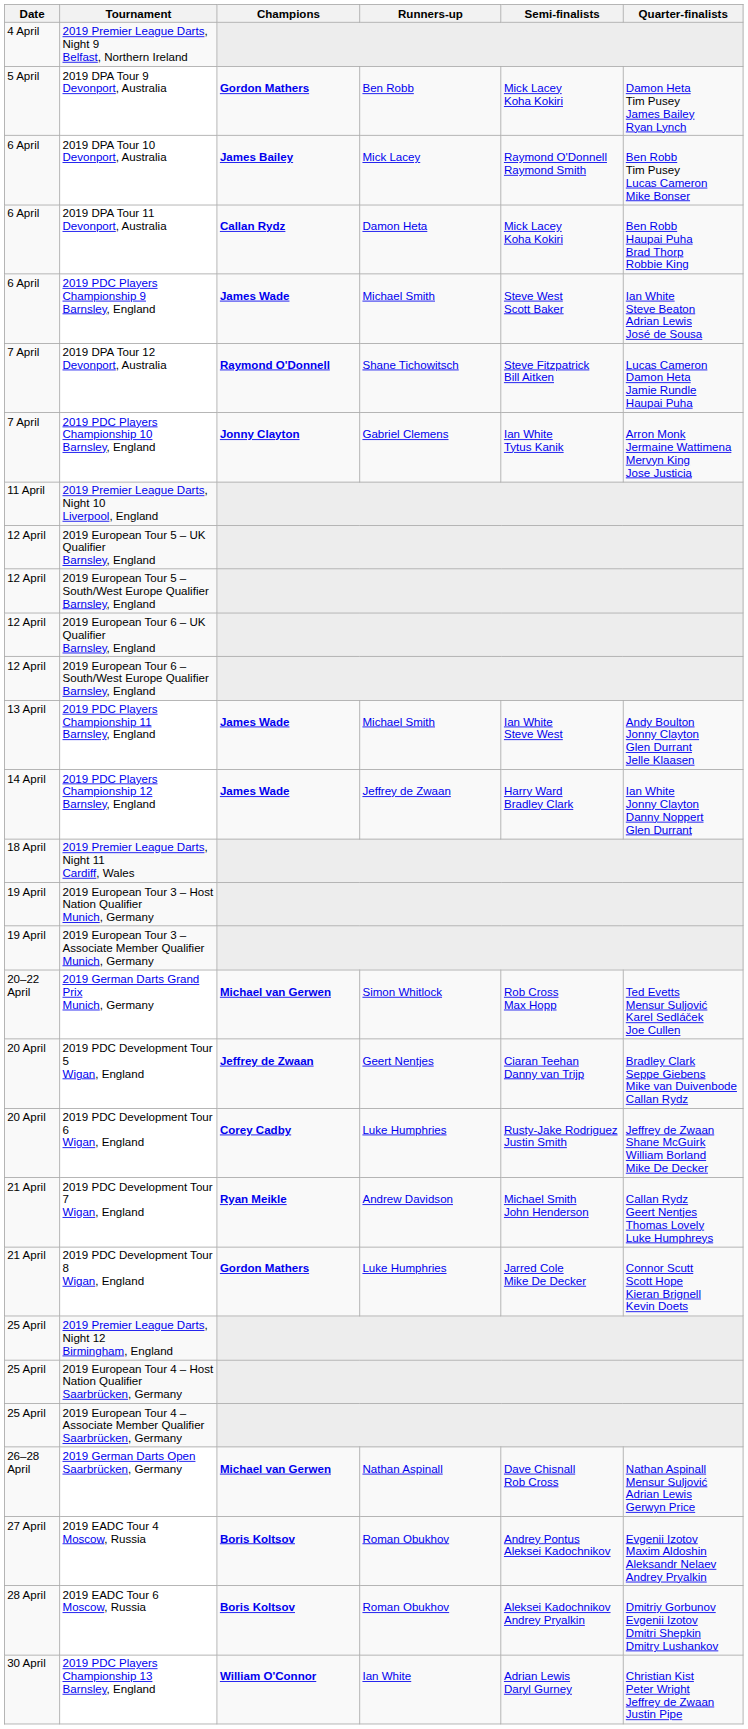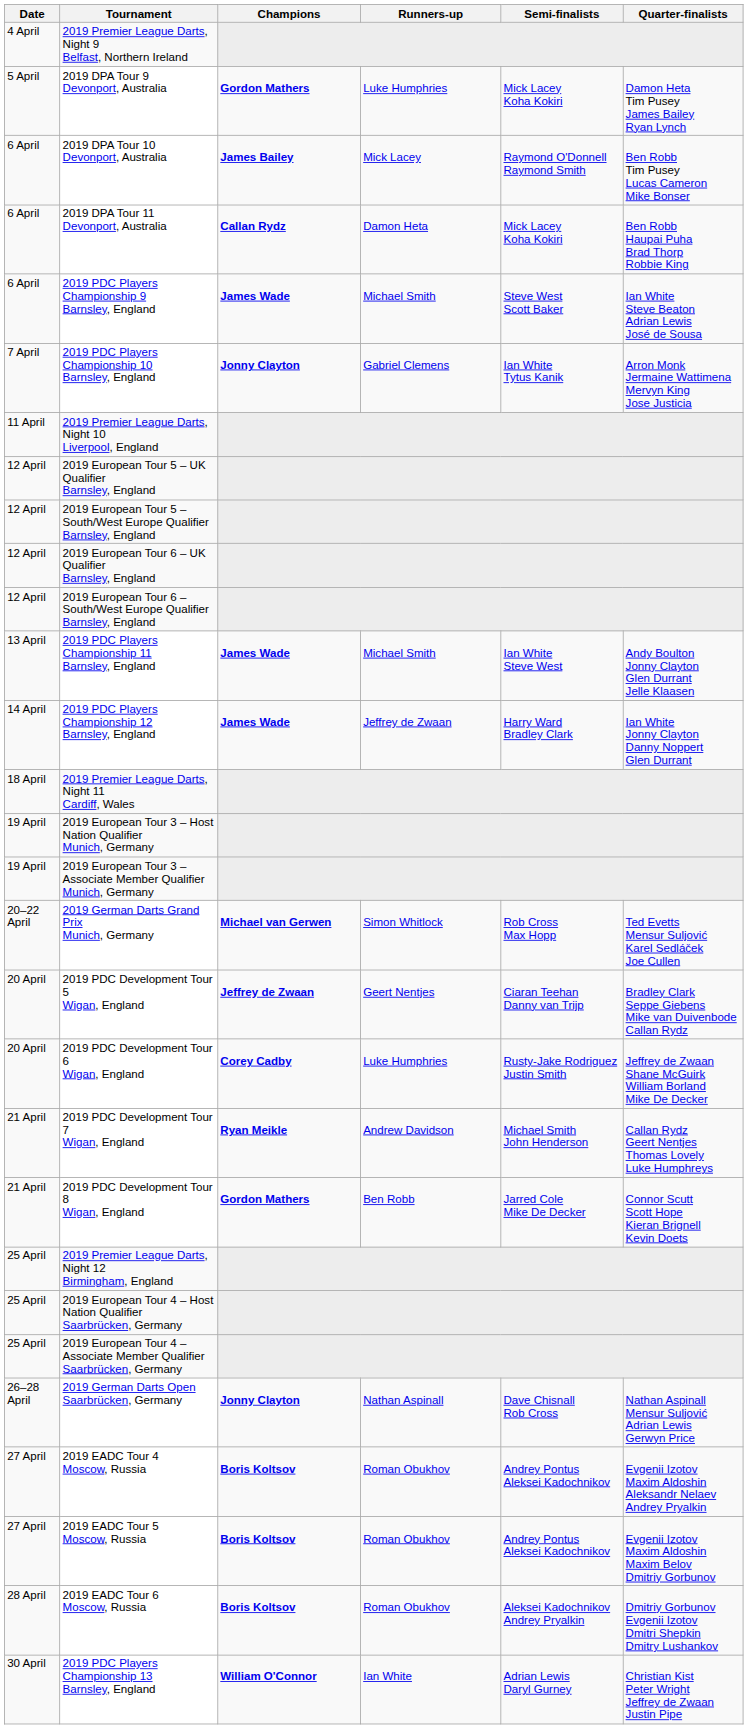 <table class=wikitable style=font-size:85%>
 <tr>
 <th width=75>Date</th>
 <th width=230>Tournament</th>
 <th width=210>Champions</th>
 <th width=210>Runners-up</th>
 <th width=170>Semi-finalists</th>
 <th width=170>Quarter-finalists</th>
 </tr>
 <tr valign="top">
 <td rowspan=1>4 April</td>
 <td><a href='#'>2019 Premier League Darts</a>, Night 9 <br><a href='#'>Belfast</a>, Northern Ireland</td>
 <td colspan=4 bgcolor="#ededed"></td>
 </tr>
 <tr valign="top">
 <td>5 April</td>
 <td bgcolor="#ffffff">2019 DPA Tour 9<br><a href='#'>Devonport</a>, Australia</td>
 <td><br> <strong><a href='#'>Gordon Mathers</a></strong></td>
-<td><br> <a href='#'>Ben Robb</a></td>
+<td><br> <a href='#'>Luke Humphries</a></td>
 <td><br> <a href='#'>Mick Lacey</a> <br>  <a href='#'>Koha Kokiri</a></td>
 <td><br> <a href='#'>Damon Heta</a> <br>  Tim Pusey <br>  <a href='#'>James Bailey</a> <br>  <a href='#'>Ryan Lynch</a></td>
 </tr>
 <tr valign="top">
 <td>6 April</td>
 <td bgcolor="#ffffff">2019 DPA Tour 10<br><a href='#'>Devonport</a>, Australia</td>
 <td><br> <strong><a href='#'>James Bailey</a></strong></td>
 <td><br> <a href='#'>Mick Lacey</a></td>
 <td><br> <a href='#'>Raymond O'Donnell</a> <br>  <a href='#'>Raymond Smith</a></td>
 <td><br> <a href='#'>Ben Robb</a> <br>  Tim Pusey <br>  <a href='#'>Lucas Cameron</a> <br>  <a href='#'>Mike Bonser</a></td>
 </tr>
 <tr valign="top">
 <td>6 April</td>
 <td bgcolor="#ffffff">2019 DPA Tour 11<br><a href='#'>Devonport</a>, Australia</td>
 <td><br> <strong><a href='#'>Callan Rydz</a></strong></td>
 <td><br> <a href='#'>Damon Heta</a></td>
 <td><br> <a href='#'>Mick Lacey</a> <br>  <a href='#'>Koha Kokiri</a></td>
 <td><br> <a href='#'>Ben Robb</a> <br>  <a href='#'>Haupai Puha</a> <br>  <a href='#'>Brad Thorp</a> <br>  <a href='#'>Robbie King</a></td>
 </tr>
 <tr valign="top">
 <td>6 April</td>
 <td bgcolor="#ffffff"><a href='#'>2019 PDC Players Championship 9</a><br><a href='#'>Barnsley</a>, England</td>
 <td><br> <strong><a href='#'>James Wade</a></strong></td>
 <td><br> <a href='#'>Michael Smith</a></td>
 <td><br> <a href='#'>Steve West</a> <br>  <a href='#'>Scott Baker</a></td>
 <td><br> <a href='#'>Ian White</a> <br>  <a href='#'>Steve Beaton</a> <br>  <a href='#'>Adrian Lewis</a> <br>  <a href='#'>José de Sousa</a></td>
-</tr>
-<tr valign="top">
-<td>7 April</td>
-<td bgcolor="#ffffff">2019 DPA Tour 12<br><a href='#'>Devonport</a>, Australia</td>
-<td><br> <strong><a href='#'>Raymond O'Donnell</a></strong></td>
-<td><br> <a href='#'>Shane Tichowitsch</a></td>
-<td><br> <a href='#'>Steve Fitzpatrick</a> <br>  <a href='#'>Bill Aitken</a></td>
-<td><br> <a href='#'>Lucas Cameron</a> <br>  <a href='#'>Damon Heta</a> <br>  <a href='#'>Jamie Rundle</a> <br>  <a href='#'>Haupai Puha</a></td>
 </tr>
 <tr valign="top">
 <td>7 April</td>
 <td bgcolor="#ffffff"><a href='#'>2019 PDC Players Championship 10</a><br><a href='#'>Barnsley</a>, England</td>
 <td><br> <strong><a href='#'>Jonny Clayton</a></strong></td>
 <td><br> <a href='#'>Gabriel Clemens</a></td>
 <td><br> <a href='#'>Ian White</a> <br>  <a href='#'>Tytus Kanik</a></td>
 <td><br> <a href='#'>Arron Monk</a> <br>  <a href='#'>Jermaine Wattimena</a> <br>  <a href='#'>Mervyn King</a> <br>  <a href='#'>Jose Justicia</a></td>
 </tr>
 <tr valign="top">
 <td rowspan=1>11 April</td>
 <td><a href='#'>2019 Premier League Darts</a>, Night 10 <br><a href='#'>Liverpool</a>, England</td>
 <td colspan=4 bgcolor="#ededed"></td>
 </tr>
 <tr valign="top">
 <td rowspan=1>12 April</td>
 <td>2019 European Tour 5 – UK Qualifier <br><a href='#'>Barnsley</a>, England</td>
 <td colspan=4 bgcolor="#ededed"></td>
 </tr>
 <tr valign="top">
 <td rowspan=1>12 April</td>
 <td>2019 European Tour 5 – South/West Europe Qualifier <br><a href='#'>Barnsley</a>, England</td>
 <td colspan=4 bgcolor="#ededed"></td>
 </tr>
 <tr valign="top">
 <td rowspan=1>12 April</td>
 <td>2019 European Tour 6 – UK Qualifier <br><a href='#'>Barnsley</a>, England</td>
 <td colspan=4 bgcolor="#ededed"></td>
 </tr>
 <tr valign="top">
 <td rowspan=1>12 April</td>
 <td>2019 European Tour 6 – South/West Europe Qualifier <br><a href='#'>Barnsley</a>, England</td>
 <td colspan=4 bgcolor="#ededed"></td>
 </tr>
 <tr valign="top">
 <td>13 April</td>
 <td bgcolor="#ffffff"><a href='#'>2019 PDC Players Championship 11</a><br><a href='#'>Barnsley</a>, England</td>
 <td><br> <strong><a href='#'>James Wade</a></strong></td>
 <td><br> <a href='#'>Michael Smith</a></td>
 <td><br> <a href='#'>Ian White</a> <br>  <a href='#'>Steve West</a></td>
 <td><br> <a href='#'>Andy Boulton</a> <br>  <a href='#'>Jonny Clayton</a> <br>  <a href='#'>Glen Durrant</a> <br>  <a href='#'>Jelle Klaasen</a></td>
 </tr>
 <tr valign="top">
 <td>14 April</td>
 <td bgcolor="#ffffff"><a href='#'>2019 PDC Players Championship 12</a><br><a href='#'>Barnsley</a>, England</td>
 <td><br> <strong><a href='#'>James Wade</a></strong></td>
 <td><br> <a href='#'>Jeffrey de Zwaan</a></td>
 <td><br> <a href='#'>Harry Ward</a> <br>  <a href='#'>Bradley Clark</a></td>
 <td><br> <a href='#'>Ian White</a> <br>  <a href='#'>Jonny Clayton</a> <br>  <a href='#'>Danny Noppert</a> <br>  <a href='#'>Glen Durrant</a></td>
 </tr>
 <tr valign="top">
 <td rowspan=1>18 April</td>
 <td><a href='#'>2019 Premier League Darts</a>, Night 11 <br><a href='#'>Cardiff</a>, Wales</td>
 <td colspan=4 bgcolor="#ededed"></td>
 </tr>
 <tr valign="top">
 <td rowspan=1>19 April</td>
 <td>2019 European Tour 3 – Host Nation Qualifier <br><a href='#'>Munich</a>, Germany</td>
 <td colspan=4 bgcolor="#ededed"></td>
 </tr>
 <tr valign="top">
 <td rowspan=1>19 April</td>
 <td>2019 European Tour 3 – Associate Member Qualifier <br><a href='#'>Munich</a>, Germany</td>
 <td colspan=4 bgcolor="#ededed"></td>
 </tr>
 <tr valign="top">
 <td>20–22 April</td>
 <td bgcolor="#ffffff"><a href='#'>2019 German Darts Grand Prix</a><br><a href='#'>Munich</a>, Germany</td>
 <td><br> <strong><a href='#'>Michael van Gerwen</a></strong></td>
 <td><br> <a href='#'>Simon Whitlock</a></td>
 <td><br> <a href='#'>Rob Cross</a> <br>  <a href='#'>Max Hopp</a></td>
 <td><br> <a href='#'>Ted Evetts</a> <br>  <a href='#'>Mensur Suljović</a> <br>  <a href='#'>Karel Sedláček</a> <br>  <a href='#'>Joe Cullen</a></td>
 </tr>
 <tr valign="top">
 <td>20 April</td>
 <td bgcolor="#ffffff">2019 PDC Development Tour 5<br><a href='#'>Wigan</a>, England</td>
 <td><br> <strong><a href='#'>Jeffrey de Zwaan</a></strong></td>
 <td><br> <a href='#'>Geert Nentjes</a></td>
 <td><br> <a href='#'>Ciaran Teehan</a> <br>  <a href='#'>Danny van Trijp</a></td>
 <td><br> <a href='#'>Bradley Clark</a> <br>  <a href='#'>Seppe Giebens</a> <br>  <a href='#'>Mike van Duivenbode</a> <br>  <a href='#'>Callan Rydz</a></td>
 </tr>
 <tr valign="top">
 <td>20 April</td>
 <td bgcolor="#ffffff">2019 PDC Development Tour 6<br><a href='#'>Wigan</a>, England</td>
 <td><br> <strong><a href='#'>Corey Cadby</a></strong></td>
 <td><br> <a href='#'>Luke Humphries</a></td>
 <td><br> <a href='#'>Rusty-Jake Rodriguez</a> <br>  <a href='#'>Justin Smith</a></td>
 <td><br> <a href='#'>Jeffrey de Zwaan</a> <br>  <a href='#'>Shane McGuirk</a> <br>  <a href='#'>William Borland</a> <br>  <a href='#'>Mike De Decker</a></td>
 </tr>
 <tr valign="top">
 <td>21 April</td>
 <td bgcolor="#ffffff">2019 PDC Development Tour 7<br><a href='#'>Wigan</a>, England</td>
 <td><br> <strong><a href='#'>Ryan Meikle</a></strong></td>
 <td><br> <a href='#'>Andrew Davidson</a></td>
 <td><br> <a href='#'>Michael Smith</a> <br>  <a href='#'>John Henderson</a></td>
 <td><br> <a href='#'>Callan Rydz</a> <br>  <a href='#'>Geert Nentjes</a> <br>  <a href='#'>Thomas Lovely</a> <br>  <a href='#'>Luke Humphreys</a></td>
 </tr>
 <tr valign="top">
 <td>21 April</td>
 <td bgcolor="#ffffff">2019 PDC Development Tour 8<br><a href='#'>Wigan</a>, England</td>
 <td><br> <strong><a href='#'>Gordon Mathers</a></strong></td>
-<td><br> <a href='#'>Luke Humphries</a></td>
+<td><br> <a href='#'>Ben Robb</a></td>
 <td><br> <a href='#'>Jarred Cole</a> <br>  <a href='#'>Mike De Decker</a></td>
 <td><br> <a href='#'>Connor Scutt</a> <br>  <a href='#'>Scott Hope</a> <br>  <a href='#'>Kieran Brignell</a> <br>  <a href='#'>Kevin Doets</a></td>
 </tr>
 <tr valign="top">
 <td rowspan=1>25 April</td>
 <td><a href='#'>2019 Premier League Darts</a>, Night 12 <br><a href='#'>Birmingham</a>, England</td>
 <td colspan=4 bgcolor="#ededed"></td>
 </tr>
 <tr valign="top">
 <td rowspan=1>25 April</td>
 <td>2019 European Tour 4 – Host Nation Qualifier <br><a href='#'>Saarbrücken</a>, Germany</td>
 <td colspan=4 bgcolor="#ededed"></td>
 </tr>
 <tr valign="top">
 <td rowspan=1>25 April</td>
 <td>2019 European Tour 4 – Associate Member Qualifier <br><a href='#'>Saarbrücken</a>, Germany</td>
 <td colspan=4 bgcolor="#ededed"></td>
 </tr>
 <tr valign="top">
 <td>26–28 April</td>
 <td bgcolor="#ffffff"><a href='#'>2019 German Darts Open</a><br><a href='#'>Saarbrücken</a>, Germany</td>
-<td><br> <strong><a href='#'>Michael van Gerwen</a></strong></td>
+<td><br> <strong><a href='#'>Jonny Clayton</a></strong></td>
 <td><br> <a href='#'>Nathan Aspinall</a></td>
 <td><br> <a href='#'>Dave Chisnall</a> <br>  <a href='#'>Rob Cross</a></td>
 <td><br> <a href='#'>Nathan Aspinall</a> <br>  <a href='#'>Mensur Suljović</a> <br>  <a href='#'>Adrian Lewis</a> <br>  <a href='#'>Gerwyn Price</a></td>
 </tr>
 <tr valign="top">
 <td>27 April</td>
 <td bgcolor="#ffffff">2019 EADC Tour 4<br><a href='#'>Moscow</a>, Russia</td>
 <td><br> <strong><a href='#'>Boris Koltsov</a></strong></td>
 <td><br> <a href='#'>Roman Obukhov</a></td>
 <td><br> <a href='#'>Andrey Pontus</a> <br>  <a href='#'>Aleksei Kadochnikov</a></td>
 <td><br> <a href='#'>Evgenii Izotov</a> <br>  <a href='#'>Maxim Aldoshin</a> <br>  <a href='#'>Aleksandr Nelaev</a> <br>  <a href='#'>Andrey Pryalkin</a></td>
+</tr>
+<tr valign="top">
+<td>27 April</td>
+<td bgcolor="#ffffff">2019 EADC Tour 5<br><a href='#'>Moscow</a>, Russia</td>
+<td><br> <strong><a href='#'>Boris Koltsov</a></strong></td>
+<td><br> <a href='#'>Roman Obukhov</a></td>
+<td><br> <a href='#'>Andrey Pontus</a> <br>  <a href='#'>Aleksei Kadochnikov</a></td>
+<td><br> <a href='#'>Evgenii Izotov</a> <br>  <a href='#'>Maxim Aldoshin</a> <br>  <a href='#'>Maxim Belov</a> <br>  <a href='#'>Dmitriy Gorbunov</a></td>
 </tr>
 <tr valign="top">
 <td>28 April</td>
 <td bgcolor="#ffffff">2019 EADC Tour 6<br><a href='#'>Moscow</a>, Russia</td>
 <td><br> <strong><a href='#'>Boris Koltsov</a></strong></td>
 <td><br> <a href='#'>Roman Obukhov</a></td>
 <td><br> <a href='#'>Aleksei Kadochnikov</a> <br>  <a href='#'>Andrey Pryalkin</a></td>
 <td><br> <a href='#'>Dmitriy Gorbunov</a> <br>  <a href='#'>Evgenii Izotov</a> <br>  <a href='#'>Dmitri Shepkin</a> <br>  <a href='#'>Dmitry Lushankov</a></td>
 </tr>
 <tr valign="top">
 <td>30 April</td>
 <td bgcolor="#ffffff"><a href='#'>2019 PDC Players Championship 13</a><br><a href='#'>Barnsley</a>, England</td>
 <td><br> <strong><a href='#'>William O'Connor</a></strong></td>
 <td><br> <a href='#'>Ian White</a></td>
 <td><br> <a href='#'>Adrian Lewis</a> <br>  <a href='#'>Daryl Gurney</a></td>
 <td><br> <a href='#'>Christian Kist</a> <br>  <a href='#'>Peter Wright</a> <br>  <a href='#'>Jeffrey de Zwaan</a> <br>  <a href='#'>Justin Pipe</a></td>
 </tr>
 </table>
